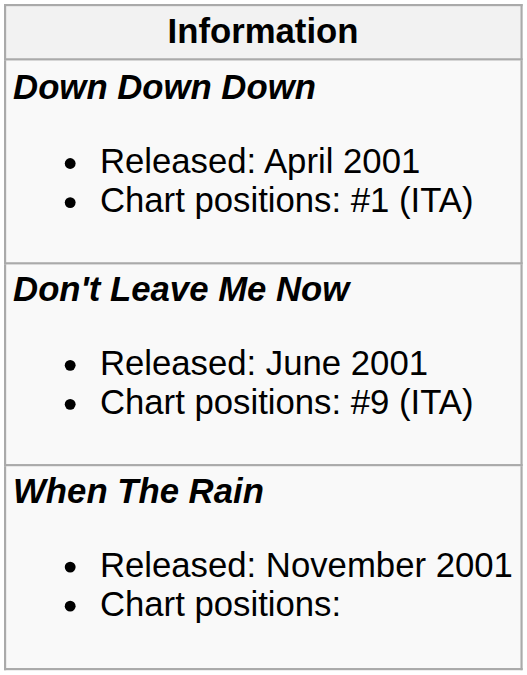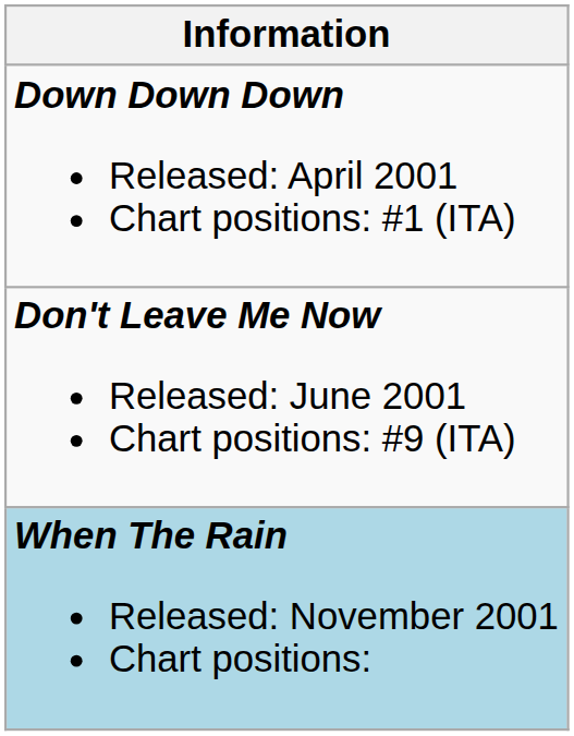 <table class="wikitable">
 <tr>
 <th align="left">Information</th>
 </tr>
 <tr>
 <td align="left"><strong><em>Down Down Down</em></strong><br><ul><li>Released: April 2001</li><li>Chart positions: #1 (ITA)</li></ul></td>
 </tr>
 <tr>
 <td align="left"><strong><em>Don't Leave Me Now</em></strong><br><ul><li>Released: June 2001</li><li>Chart positions: #9 (ITA)</li></ul></td>
 </tr>
 <tr>
-<td align="left"><strong><em>When The Rain</em></strong><br><ul><li>Released: November 2001</li><li>Chart positions:</li></ul></td>
+<td align="left" style="background: lightblue;"><strong><em>When The Rain</em></strong><br><ul><li>Released: November 2001</li><li>Chart positions:</li></ul></td>
 </tr>
 </table>
